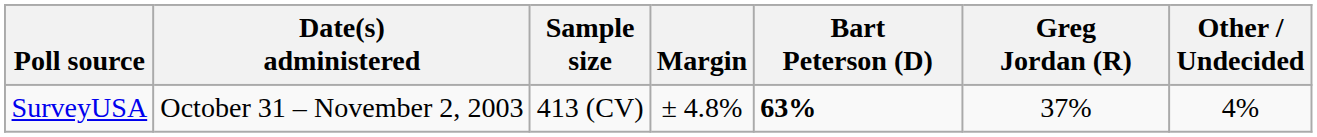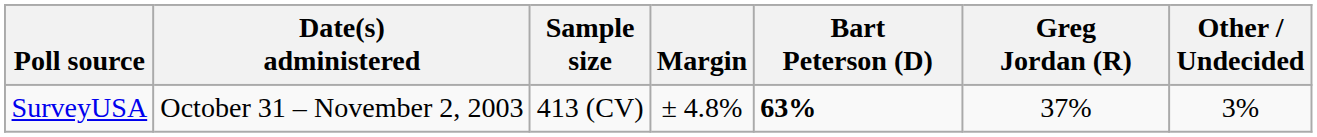 <table class="wikitable" style="font-size:90%">
 <tr valign=bottom>
 <th>Poll source</th>
 <th>Date(s)<br>administered</th>
 <th>Sample<br>size</th>
 <th>Margin<br></th>
 <th style="width:100px;">Bart<br>Peterson (D)</th>
 <th style="width:100px;">Greg<br>Jordan (R)</th>
 <th>Other /<br>Undecided</th>
 </tr>
 <tr>
 <td><a href='#'>SurveyUSA</a></td>
 <td align=center>October 31 – November 2, 2003</td>
 <td align=center>413 (CV)</td>
 <td align=center>± 4.8%</td>
 <td><strong>63%</strong></td>
 <td align=center>37%</td>
-<td align=center>4%</td>
+<td align=center>3%</td>
 </tr>
 </table>
